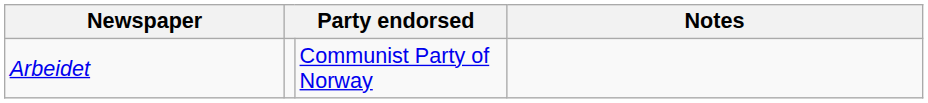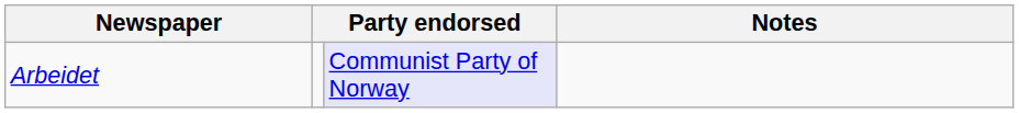 <table class="wikitable">
 <tr>
 <th width=200px>Newspaper</th>
 <th colspan=2>Party endorsed</th>
 <th width=300px>Notes</th>
 </tr>
 <tr>
 <td><em><a href='#'>Arbeidet</a></em></td>
 <td style="background-color: "></td>
-<td width="150px"><a href='#'>Communist Party of Norway</a></td>
+<td width="150px" style="background: lavender;"><a href='#'>Communist Party of Norway</a></td>
 <td></td>
 </tr>
 </table>
